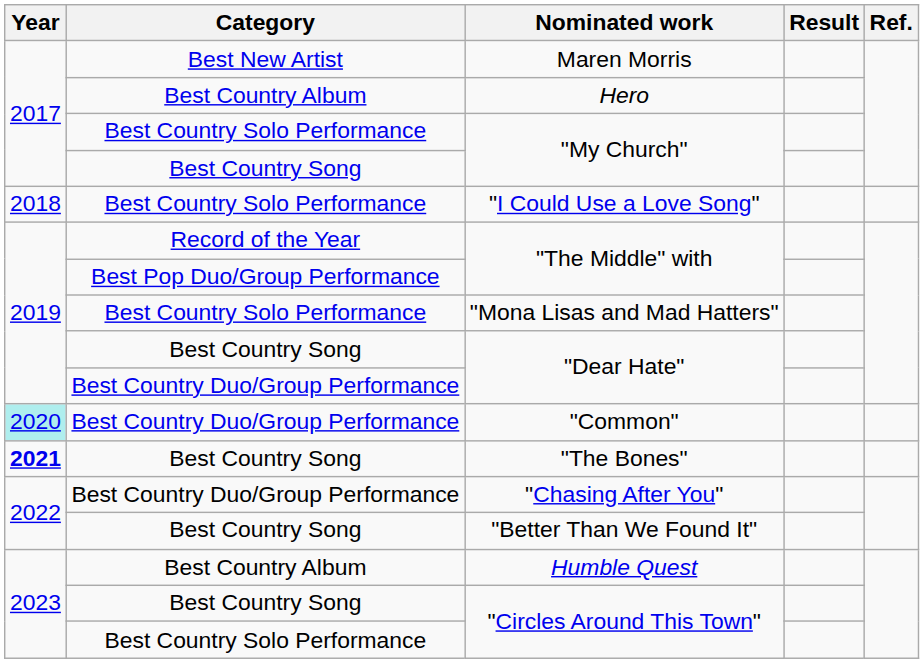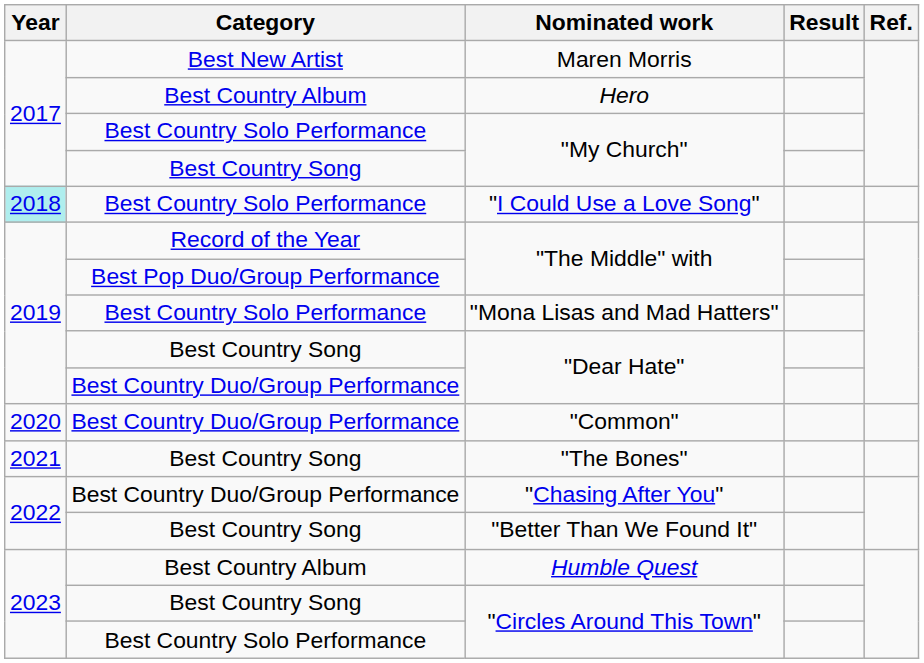 <table class="wikitable" style="text-align:center;">
 <tr>
 <th>Year</th>
 <th>Category</th>
 <th>Nominated work</th>
 <th>Result</th>
 <th>Ref.</th>
 </tr>
 <tr>
 <td rowspan="4"><a href='#'>2017</a></td>
 <td><a href='#'>Best New Artist</a></td>
 <td>Maren Morris</td>
 <td></td>
 <td rowspan="4"></td>
 </tr>
 <tr>
 <td><a href='#'>Best Country Album</a></td>
 <td><em>Hero</em></td>
 <td></td>
 </tr>
 <tr>
 <td><a href='#'>Best Country Solo Performance</a></td>
 <td rowspan="2">"My Church"</td>
 <td></td>
 </tr>
 <tr>
 <td><a href='#'>Best Country Song</a></td>
 <td></td>
 </tr>
 <tr>
-<td><a href='#'>2018</a></td>
+<td style="background: paleturquoise;"><a href='#'>2018</a></td>
 <td><a href='#'>Best Country Solo Performance</a></td>
 <td>"<a href='#'>I Could Use a Love Song</a>"</td>
 <td></td>
 <td></td>
 </tr>
 <tr>
 <td rowspan="5"><a href='#'>2019</a></td>
 <td><a href='#'>Record of the Year</a></td>
 <td rowspan="2">"The Middle" with </td>
 <td></td>
 <td rowspan="5"></td>
 </tr>
 <tr>
 <td><a href='#'>Best Pop Duo/Group Performance</a></td>
 <td></td>
 </tr>
 <tr>
 <td><a href='#'>Best Country Solo Performance</a></td>
 <td>"Mona Lisas and Mad Hatters"</td>
 <td></td>
 </tr>
 <tr>
 <td>Best Country Song</td>
 <td rowspan="2">"Dear Hate" </td>
 <td></td>
 </tr>
 <tr>
 <td><a href='#'>Best Country Duo/Group Performance</a></td>
 <td></td>
 </tr>
 <tr>
-<td style="background: paleturquoise;"><a href='#'>2020</a></td>
+<td><a href='#'>2020</a></td>
 <td><a href='#'>Best Country Duo/Group Performance</a></td>
 <td>"Common" </td>
 <td></td>
 <td></td>
 </tr>
 <tr>
-<td><strong><a href='#'>2021</a></strong></td>
+<td><a href='#'>2021</a></td>
 <td>Best Country Song</td>
 <td>"The Bones"</td>
 <td></td>
 <td></td>
 </tr>
 <tr>
 <td rowspan="2"><a href='#'>2022</a></td>
 <td>Best Country Duo/Group Performance</td>
 <td>"<a href='#'>Chasing After You</a>" </td>
 <td></td>
 <td rowspan="2"></td>
 </tr>
 <tr>
 <td>Best Country Song</td>
 <td>"Better Than We Found It"</td>
 <td></td>
 </tr>
 <tr>
 <td rowspan="3"><a href='#'>2023</a></td>
 <td>Best Country Album</td>
 <td><em><a href='#'>Humble Quest</a></em></td>
 <td></td>
 <td rowspan="3"></td>
 </tr>
 <tr>
 <td>Best Country Song</td>
 <td rowspan="2">"<a href='#'>Circles Around This Town</a>"</td>
 <td></td>
 </tr>
 <tr>
 <td>Best Country Solo Performance</td>
 <td></td>
 </tr>
 </table>
